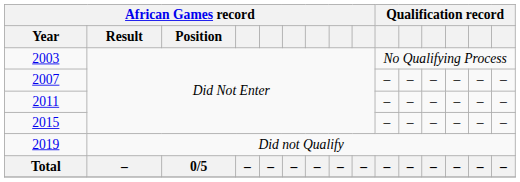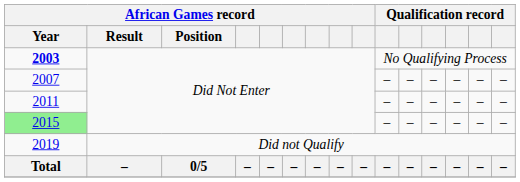 <table class="wikitable" style="text-align:center;">
 <tr>
 <th colspan="9"><a href='#'>African Games</a> record</th>
 <th colspan="6">Qualification record</th>
 </tr>
 <tr>
 <th style="width:90px;">Year</th>
 <th style="width:80px;">Result</th>
 <th style="width:80px;">Position</th>
 <th style="width:20px;"></th>
 <th style="width:20px;"></th>
 <th style="width:20px;"></th>
 <th style="width:20px;"></th>
 <th style="width:20px;"></th>
 <th style="width:20px;"></th>
 <th style="width:20px;"></th>
 <th style="width:20px;"></th>
 <th style="width:20px;"></th>
 <th style="width:20px;"></th>
 <th style="width:20px;"></th>
 <th style="width:20px;"></th>
 </tr>
 <tr>
-<td> <a href='#'>2003</a></td>
+<td><strong> <a href='#'>2003</a></strong></td>
 <td rowspan="4" colspan="8"><em>Did Not Enter</em></td>
 <td colspan="6"><em>No Qualifying Process</em></td>
 </tr>
 <tr>
 <td> <a href='#'>2007</a></td>
 <td>–</td>
 <td>–</td>
 <td>–</td>
 <td>–</td>
 <td>–</td>
 <td>–</td>
 </tr>
 <tr>
 <td> <a href='#'>2011</a></td>
 <td>–</td>
 <td>–</td>
 <td>–</td>
 <td>–</td>
 <td>–</td>
 <td>–</td>
 </tr>
 <tr>
-<td> <a href='#'>2015</a></td>
+<td style="background: lightgreen;"> <a href='#'>2015</a></td>
 <td>–</td>
 <td>–</td>
 <td>–</td>
 <td>–</td>
 <td>–</td>
 <td>–</td>
 </tr>
 <tr>
 <td> <a href='#'>2019</a></td>
 <td colspan=14><em>Did not Qualify</em></td>
 </tr>
 <tr>
 <th>Total</th>
 <th>–</th>
 <th>0/5</th>
 <th>–</th>
 <th>–</th>
 <th>–</th>
 <th>–</th>
 <th>–</th>
 <th>–</th>
 <th>–</th>
 <th>–</th>
 <th>–</th>
 <th>–</th>
 <th>–</th>
 <th>–</th>
 </tr>
 <tr>
 </tr>
 </table>
